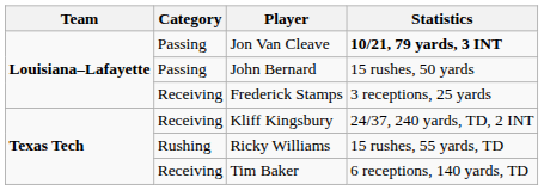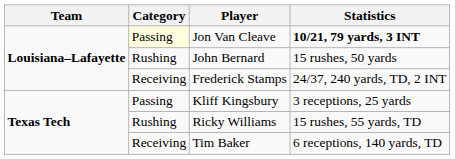 <table class="wikitable" style="float: left;">
 <tr>
 <th>Team</th>
 <th>Category</th>
 <th>Player</th>
 <th>Statistics</th>
 </tr>
 <tr>
 <td rowspan=3><strong>Louisiana–Lafayette</strong></td>
-<td>Passing</td>
+<td style="background: lightyellow;">Passing</td>
 <td>Jon Van Cleave</td>
 <td><strong>10/21, 79 yards, 3 INT</strong></td>
 </tr>
 <tr>
-<td>Passing</td>
+<td>Rushing</td>
 <td>John Bernard</td>
 <td>15 rushes, 50 yards</td>
 </tr>
 <tr>
 <td>Receiving</td>
 <td>Frederick Stamps</td>
-<td>3 receptions, 25 yards</td>
+<td>24/37, 240 yards, TD, 2 INT</td>
 </tr>
 <tr>
 <td rowspan=3><strong>Texas Tech</strong></td>
-<td>Receiving</td>
+<td>Passing</td>
 <td>Kliff Kingsbury</td>
-<td>24/37, 240 yards, TD, 2 INT</td>
+<td>3 receptions, 25 yards</td>
 </tr>
 <tr>
 <td>Rushing</td>
 <td>Ricky Williams</td>
 <td>15 rushes, 55 yards, TD</td>
 </tr>
 <tr>
 <td>Receiving</td>
 <td>Tim Baker</td>
 <td>6 receptions, 140 yards, TD</td>
 </tr>
 </table>
